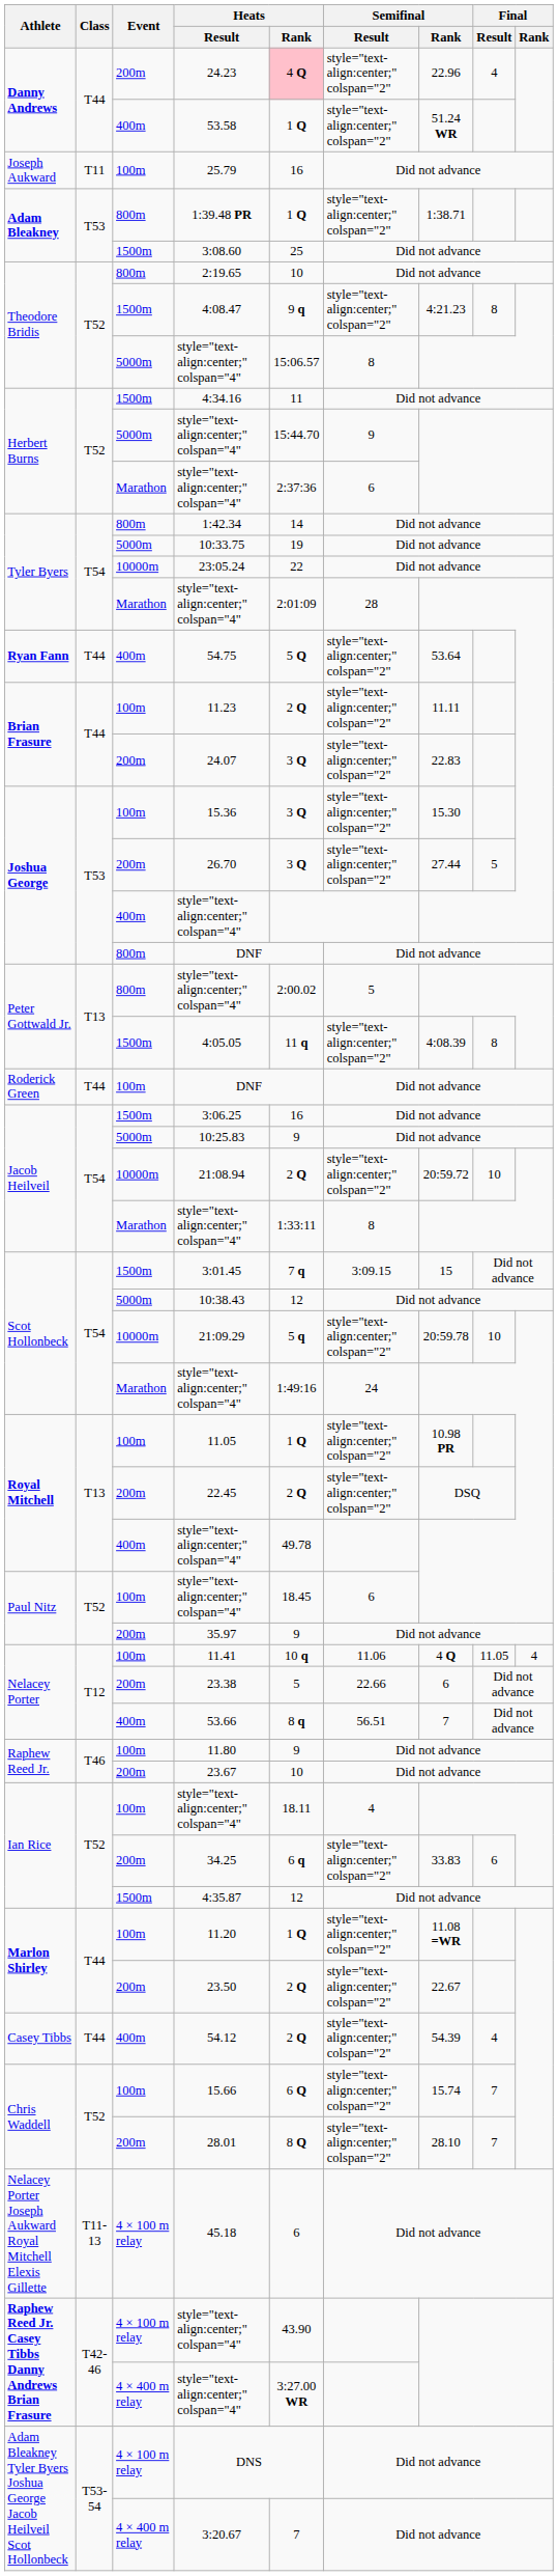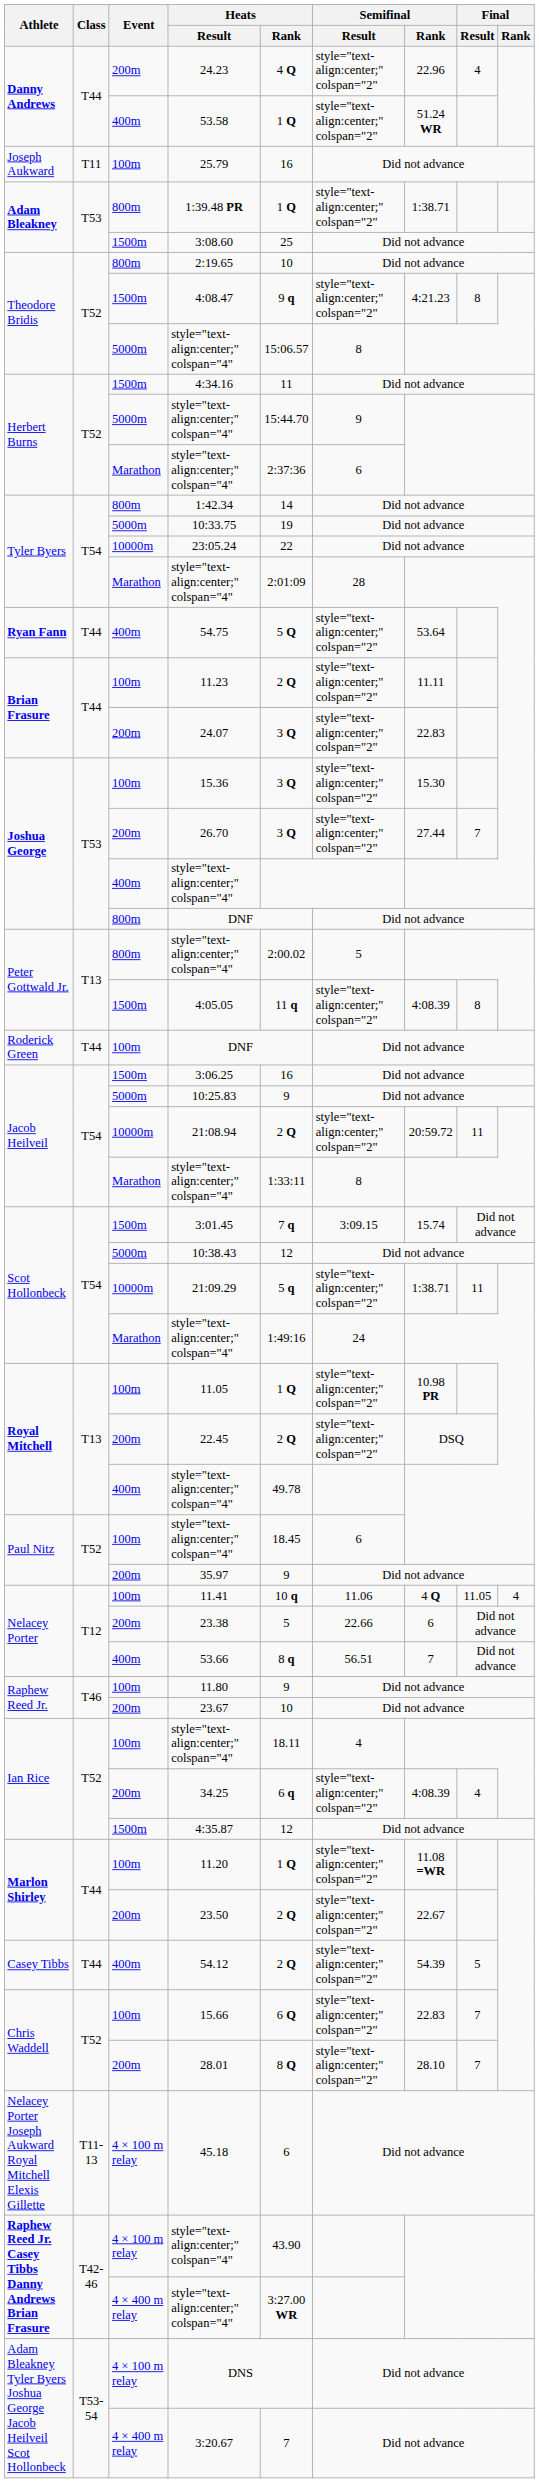 <table class=wikitable style="font-size:90%">
 <tr>
 <th rowspan="2">Athlete</th>
 <th rowspan="2">Class</th>
 <th rowspan="2">Event</th>
 <th colspan="2">Heats</th>
 <th colspan="2">Semifinal</th>
 <th colspan="2">Final</th>
 </tr>
 <tr>
 <th>Result</th>
 <th>Rank</th>
 <th>Result</th>
 <th>Rank</th>
 <th>Result</th>
 <th>Rank</th>
 </tr>
 <tr>
 <td rowspan="2"><strong><a href='#'>Danny Andrews</a></strong></td>
 <td rowspan="2" style="text-align:center;">T44</td>
 <td><a href='#'>200m</a></td>
 <td style="text-align:center;">24.23</td>
-<td style="background: pink; text-align:center;">4 <strong>Q</strong></td>
+<td style="text-align:center;">4 <strong>Q</strong></td>
 <td>style="text-align:center;" colspan="2" </td>
 <td style="text-align:center;">22.96</td>
 <td style="text-align:center;">4</td>
 </tr>
 <tr>
 <td><a href='#'>400m</a></td>
 <td style="text-align:center;">53.58</td>
 <td style="text-align:center;">1 <strong>Q</strong></td>
 <td>style="text-align:center;" colspan="2" </td>
 <td style="text-align:center;">51.24 <strong>WR</strong></td>
 <td style="text-align:center;"></td>
 </tr>
 <tr>
 <td><a href='#'>Joseph Aukward</a></td>
 <td style="text-align:center;">T11</td>
 <td><a href='#'>100m</a></td>
 <td style="text-align:center;">25.79</td>
 <td style="text-align:center;">16</td>
 <td style="text-align:center;" colspan="4">Did not advance</td>
 </tr>
 <tr>
 <td rowspan="2"><strong><a href='#'>Adam Bleakney</a></strong></td>
 <td rowspan="2" style="text-align:center;">T53</td>
 <td><a href='#'>800m</a></td>
 <td style="text-align:center;">1:39.48 <strong>PR</strong></td>
 <td style="text-align:center;">1 <strong>Q</strong></td>
 <td>style="text-align:center;" colspan="2" </td>
 <td style="text-align:center;">1:38.71</td>
 <td style="text-align:center;"></td>
 </tr>
 <tr>
 <td><a href='#'>1500m</a></td>
 <td style="text-align:center;">3:08.60</td>
 <td style="text-align:center;">25</td>
 <td style="text-align:center;" colspan="4">Did not advance</td>
 </tr>
 <tr>
 <td rowspan="3"><a href='#'>Theodore Bridis</a></td>
 <td rowspan="3" style="text-align:center;">T52</td>
 <td><a href='#'>800m</a></td>
 <td style="text-align:center;">2:19.65</td>
 <td style="text-align:center;">10</td>
 <td style="text-align:center;" colspan="4">Did not advance</td>
 </tr>
 <tr>
 <td><a href='#'>1500m</a></td>
 <td style="text-align:center;">4:08.47</td>
 <td style="text-align:center;">9 <strong>q</strong></td>
 <td>style="text-align:center;" colspan="2" </td>
 <td style="text-align:center;">4:21.23</td>
 <td style="text-align:center;">8</td>
 </tr>
 <tr>
 <td><a href='#'>5000m</a></td>
 <td>style="text-align:center;" colspan="4" </td>
 <td style="text-align:center;">15:06.57</td>
 <td style="text-align:center;">8</td>
 </tr>
 <tr>
 <td rowspan="3"><a href='#'>Herbert Burns</a></td>
 <td rowspan="3" style="text-align:center;">T52</td>
 <td><a href='#'>1500m</a></td>
 <td style="text-align:center;">4:34.16</td>
 <td style="text-align:center;">11</td>
 <td style="text-align:center;" colspan="4">Did not advance</td>
 </tr>
 <tr>
 <td><a href='#'>5000m</a></td>
 <td>style="text-align:center;" colspan="4" </td>
 <td style="text-align:center;">15:44.70</td>
 <td style="text-align:center;">9</td>
 </tr>
 <tr>
 <td><a href='#'>Marathon</a></td>
 <td>style="text-align:center;" colspan="4" </td>
 <td style="text-align:center;">2:37:36</td>
 <td style="text-align:center;">6</td>
 </tr>
 <tr>
 <td rowspan="4"><a href='#'>Tyler Byers</a></td>
 <td rowspan="4" style="text-align:center;">T54</td>
 <td><a href='#'>800m</a></td>
 <td style="text-align:center;">1:42.34</td>
 <td style="text-align:center;">14</td>
 <td style="text-align:center;" colspan="4">Did not advance</td>
 </tr>
 <tr>
 <td><a href='#'>5000m</a></td>
 <td style="text-align:center;">10:33.75</td>
 <td style="text-align:center;">19</td>
 <td style="text-align:center;" colspan="4">Did not advance</td>
 </tr>
 <tr>
 <td><a href='#'>10000m</a></td>
 <td style="text-align:center;">23:05.24</td>
 <td style="text-align:center;">22</td>
 <td style="text-align:center;" colspan="4">Did not advance</td>
 </tr>
 <tr>
 <td><a href='#'>Marathon</a></td>
 <td>style="text-align:center;" colspan="4" </td>
 <td style="text-align:center;">2:01:09</td>
 <td style="text-align:center;">28</td>
 </tr>
 <tr>
 <td><strong><a href='#'>Ryan Fann</a></strong></td>
 <td style="text-align:center;">T44</td>
 <td><a href='#'>400m</a></td>
 <td style="text-align:center;">54.75</td>
 <td style="text-align:center;">5 <strong>Q</strong></td>
 <td>style="text-align:center;" colspan="2" </td>
 <td style="text-align:center;">53.64</td>
 <td style="text-align:center;"></td>
 </tr>
 <tr>
 <td rowspan="2"><strong><a href='#'>Brian Frasure</a></strong></td>
 <td rowspan="2" style="text-align:center;">T44</td>
 <td><a href='#'>100m</a></td>
 <td style="text-align:center;">11.23</td>
 <td style="text-align:center;">2 <strong>Q</strong></td>
 <td>style="text-align:center;" colspan="2" </td>
 <td style="text-align:center;">11.11</td>
 <td style="text-align:center;"></td>
 </tr>
 <tr>
 <td><a href='#'>200m</a></td>
 <td style="text-align:center;">24.07</td>
 <td style="text-align:center;">3 <strong>Q</strong></td>
 <td>style="text-align:center;" colspan="2" </td>
 <td style="text-align:center;">22.83</td>
 <td style="text-align:center;"></td>
 </tr>
 <tr>
 <td rowspan="4"><strong><a href='#'>Joshua George</a></strong></td>
 <td rowspan="4" style="text-align:center;">T53</td>
 <td><a href='#'>100m</a></td>
 <td style="text-align:center;">15.36</td>
 <td style="text-align:center;">3 <strong>Q</strong></td>
 <td>style="text-align:center;" colspan="2" </td>
 <td style="text-align:center;">15.30</td>
 <td style="text-align:center;"></td>
 </tr>
 <tr>
 <td><a href='#'>200m</a></td>
 <td style="text-align:center;">26.70</td>
 <td style="text-align:center;">3 <strong>Q</strong></td>
 <td>style="text-align:center;" colspan="2" </td>
 <td style="text-align:center;">27.44</td>
-<td style="text-align:center;">5</td>
+<td style="text-align:center;">7</td>
 </tr>
 <tr>
 <td><a href='#'>400m</a></td>
 <td>style="text-align:center;" colspan="4" </td>
 <td style="text-align:center;" colspan="2"></td>
 </tr>
 <tr>
 <td><a href='#'>800m</a></td>
 <td style="text-align:center;" colspan="2">DNF</td>
 <td style="text-align:center;" colspan="4">Did not advance</td>
 </tr>
 <tr>
 <td rowspan="2"><a href='#'>Peter Gottwald Jr.</a></td>
 <td rowspan="2" style="text-align:center;">T13</td>
 <td><a href='#'>800m</a></td>
 <td>style="text-align:center;" colspan="4" </td>
 <td style="text-align:center;">2:00.02</td>
 <td style="text-align:center;">5</td>
 </tr>
 <tr>
 <td><a href='#'>1500m</a></td>
 <td style="text-align:center;">4:05.05</td>
 <td style="text-align:center;">11 <strong>q</strong></td>
 <td>style="text-align:center;" colspan="2" </td>
 <td style="text-align:center;">4:08.39</td>
 <td style="text-align:center;">8</td>
 </tr>
 <tr>
 <td><a href='#'>Roderick Green</a></td>
 <td style="text-align:center;">T44</td>
 <td><a href='#'>100m</a></td>
 <td style="text-align:center;" colspan="2">DNF</td>
 <td style="text-align:center;" colspan="4">Did not advance</td>
 </tr>
 <tr>
 <td rowspan="4"><a href='#'>Jacob Heilveil</a></td>
 <td rowspan="4" style="text-align:center;">T54</td>
 <td><a href='#'>1500m</a></td>
 <td style="text-align:center;">3:06.25</td>
 <td style="text-align:center;">16</td>
 <td style="text-align:center;" colspan="4">Did not advance</td>
 </tr>
 <tr>
 <td><a href='#'>5000m</a></td>
 <td style="text-align:center;">10:25.83</td>
 <td style="text-align:center;">9</td>
 <td style="text-align:center;" colspan="4">Did not advance</td>
 </tr>
 <tr>
 <td><a href='#'>10000m</a></td>
 <td style="text-align:center;">21:08.94</td>
 <td style="text-align:center;">2 <strong>Q</strong></td>
 <td>style="text-align:center;" colspan="2" </td>
 <td style="text-align:center;">20:59.72</td>
-<td style="text-align:center;">10</td>
+<td style="text-align:center;">11</td>
 </tr>
 <tr>
 <td><a href='#'>Marathon</a></td>
 <td>style="text-align:center;" colspan="4" </td>
 <td style="text-align:center;">1:33:11</td>
 <td style="text-align:center;">8</td>
 </tr>
 <tr>
 <td rowspan="4"><a href='#'>Scot Hollonbeck</a></td>
 <td rowspan="4" style="text-align:center;">T54</td>
 <td><a href='#'>1500m</a></td>
 <td style="text-align:center;">3:01.45</td>
 <td style="text-align:center;">7 <strong>q</strong></td>
 <td style="text-align:center;">3:09.15</td>
-<td style="text-align:center;">15</td>
+<td style="text-align:center;">15.74</td>
 <td style="text-align:center;" colspan="2">Did not advance</td>
 </tr>
 <tr>
 <td><a href='#'>5000m</a></td>
 <td style="text-align:center;">10:38.43</td>
 <td style="text-align:center;">12</td>
 <td style="text-align:center;" colspan="4">Did not advance</td>
 </tr>
 <tr>
 <td><a href='#'>10000m</a></td>
 <td style="text-align:center;">21:09.29</td>
 <td style="text-align:center;">5 <strong>q</strong></td>
 <td>style="text-align:center;" colspan="2" </td>
-<td style="text-align:center;">20:59.78</td>
-<td style="text-align:center;">10</td>
+<td style="text-align:center;">1:38.71</td>
+<td style="text-align:center;">11</td>
 </tr>
 <tr>
 <td><a href='#'>Marathon</a></td>
 <td>style="text-align:center;" colspan="4" </td>
 <td style="text-align:center;">1:49:16</td>
 <td style="text-align:center;">24</td>
 </tr>
 <tr>
 <td rowspan="3"><strong><a href='#'>Royal Mitchell</a></strong></td>
 <td rowspan="3" style="text-align:center;">T13</td>
 <td><a href='#'>100m</a></td>
 <td style="text-align:center;">11.05</td>
 <td style="text-align:center;">1 <strong>Q</strong></td>
 <td>style="text-align:center;" colspan="2" </td>
 <td style="text-align:center;">10.98 <strong>PR</strong></td>
 <td style="text-align:center;"></td>
 </tr>
 <tr>
 <td><a href='#'>200m</a></td>
 <td style="text-align:center;">22.45</td>
 <td style="text-align:center;">2 <strong>Q</strong></td>
 <td>style="text-align:center;" colspan="2" </td>
 <td style="text-align:center;" colspan="2">DSQ</td>
 </tr>
 <tr>
 <td><a href='#'>400m</a></td>
 <td>style="text-align:center;" colspan="4" </td>
 <td style="text-align:center;">49.78</td>
 <td style="text-align:center;"></td>
 </tr>
 <tr>
 <td rowspan="2"><a href='#'>Paul Nitz</a></td>
 <td rowspan="2" style="text-align:center;">T52</td>
 <td><a href='#'>100m</a></td>
 <td>style="text-align:center;" colspan="4" </td>
 <td style="text-align:center;">18.45</td>
 <td style="text-align:center;">6</td>
 </tr>
 <tr>
 <td><a href='#'>200m</a></td>
 <td style="text-align:center;">35.97</td>
 <td style="text-align:center;">9</td>
 <td style="text-align:center;" colspan="4">Did not advance</td>
 </tr>
 <tr>
 <td rowspan="3"><a href='#'>Nelacey Porter</a></td>
 <td rowspan="3" style="text-align:center;">T12</td>
 <td><a href='#'>100m</a></td>
 <td style="text-align:center;">11.41</td>
 <td style="text-align:center;">10 <strong>q</strong></td>
 <td style="text-align:center;">11.06</td>
 <td style="text-align:center;">4 <strong>Q</strong></td>
 <td style="text-align:center;">11.05</td>
 <td style="text-align:center;">4</td>
 </tr>
 <tr>
 <td><a href='#'>200m</a></td>
 <td style="text-align:center;">23.38</td>
 <td style="text-align:center;">5</td>
 <td style="text-align:center;">22.66</td>
 <td style="text-align:center;">6</td>
 <td style="text-align:center;" colspan="2">Did not advance</td>
 </tr>
 <tr>
 <td><a href='#'>400m</a></td>
 <td style="text-align:center;">53.66</td>
 <td style="text-align:center;">8 <strong>q</strong></td>
 <td style="text-align:center;">56.51</td>
 <td style="text-align:center;">7</td>
 <td style="text-align:center;" colspan="2">Did not advance</td>
 </tr>
 <tr>
 <td rowspan="2"><a href='#'>Raphew Reed Jr.</a></td>
 <td rowspan="2" style="text-align:center;">T46</td>
 <td><a href='#'>100m</a></td>
 <td style="text-align:center;">11.80</td>
 <td style="text-align:center;">9</td>
 <td style="text-align:center;" colspan="4">Did not advance</td>
 </tr>
 <tr>
 <td><a href='#'>200m</a></td>
 <td style="text-align:center;">23.67</td>
 <td style="text-align:center;">10</td>
 <td style="text-align:center;" colspan="4">Did not advance</td>
 </tr>
 <tr>
 <td rowspan="3"><a href='#'>Ian Rice</a></td>
 <td rowspan="3" style="text-align:center;">T52</td>
 <td><a href='#'>100m</a></td>
 <td>style="text-align:center;" colspan="4" </td>
 <td style="text-align:center;">18.11</td>
 <td style="text-align:center;">4</td>
 </tr>
 <tr>
 <td><a href='#'>200m</a></td>
 <td style="text-align:center;">34.25</td>
 <td style="text-align:center;">6 <strong>q</strong></td>
 <td>style="text-align:center;" colspan="2" </td>
-<td style="text-align:center;">33.83</td>
-<td style="text-align:center;">6</td>
+<td style="text-align:center;">4:08.39</td>
+<td style="text-align:center;">4</td>
 </tr>
 <tr>
 <td><a href='#'>1500m</a></td>
 <td style="text-align:center;">4:35.87</td>
 <td style="text-align:center;">12</td>
 <td style="text-align:center;" colspan="4">Did not advance</td>
 </tr>
 <tr>
 <td rowspan="2"><strong><a href='#'>Marlon Shirley</a></strong></td>
 <td rowspan="2" style="text-align:center;">T44</td>
 <td><a href='#'>100m</a></td>
 <td style="text-align:center;">11.20</td>
 <td style="text-align:center;">1 <strong>Q</strong></td>
 <td>style="text-align:center;" colspan="2" </td>
 <td style="text-align:center;">11.08 <strong>=WR</strong></td>
 <td style="text-align:center;"></td>
 </tr>
 <tr>
 <td><a href='#'>200m</a></td>
 <td style="text-align:center;">23.50</td>
 <td style="text-align:center;">2 <strong>Q</strong></td>
 <td>style="text-align:center;" colspan="2" </td>
 <td style="text-align:center;">22.67</td>
 <td style="text-align:center;"></td>
 </tr>
 <tr>
 <td><a href='#'>Casey Tibbs</a></td>
 <td style="text-align:center;">T44</td>
 <td><a href='#'>400m</a></td>
 <td style="text-align:center;">54.12</td>
 <td style="text-align:center;">2 <strong>Q</strong></td>
 <td>style="text-align:center;" colspan="2" </td>
 <td style="text-align:center;">54.39</td>
-<td style="text-align:center;">4</td>
+<td style="text-align:center;">5</td>
 </tr>
 <tr>
 <td rowspan="2"><a href='#'>Chris Waddell</a></td>
 <td rowspan="2" style="text-align:center;">T52</td>
 <td><a href='#'>100m</a></td>
 <td style="text-align:center;">15.66</td>
 <td style="text-align:center;">6 <strong>Q</strong></td>
 <td>style="text-align:center;" colspan="2" </td>
-<td style="text-align:center;">15.74</td>
+<td style="text-align:center;">22.83</td>
 <td style="text-align:center;">7</td>
 </tr>
 <tr>
 <td><a href='#'>200m</a></td>
 <td style="text-align:center;">28.01</td>
 <td style="text-align:center;">8 <strong>Q</strong></td>
 <td>style="text-align:center;" colspan="2" </td>
 <td style="text-align:center;">28.10</td>
 <td style="text-align:center;">7</td>
 </tr>
 <tr>
 <td><a href='#'>Nelacey Porter</a><br> <a href='#'>Joseph Aukward</a><br> <a href='#'>Royal Mitchell</a><br> <a href='#'>Elexis Gillette</a></td>
 <td style="text-align:center;">T11-13</td>
 <td><a href='#'>4 × 100 m relay</a></td>
 <td style="text-align:center;">45.18</td>
 <td style="text-align:center;">6</td>
 <td style="text-align:center;" colspan="4">Did not advance</td>
 </tr>
 <tr>
 <td rowspan="2"><strong><a href='#'>Raphew Reed Jr.</a></strong><br> <strong><a href='#'>Casey Tibbs</a></strong><br> <strong><a href='#'>Danny Andrews</a></strong><br> <strong><a href='#'>Brian Frasure</a></strong></td>
 <td rowspan="2" style="text-align:center;">T42-46</td>
 <td><a href='#'>4 × 100 m relay</a></td>
 <td>style="text-align:center;" colspan="4" </td>
 <td style="text-align:center;">43.90</td>
 <td style="text-align:center;"></td>
 </tr>
 <tr>
 <td><a href='#'>4 × 400 m relay</a></td>
 <td>style="text-align:center;" colspan="4" </td>
 <td style="text-align:center;">3:27.00 <strong>WR</strong></td>
 <td style="text-align:center;"></td>
 </tr>
 <tr>
 <td rowspan="2"><a href='#'>Adam Bleakney</a><br> <a href='#'>Tyler Byers</a><br> <a href='#'>Joshua George</a><br> <a href='#'>Jacob Heilveil</a><br> <a href='#'>Scot Hollonbeck</a></td>
 <td rowspan="2" style="text-align:center;">T53-54</td>
 <td><a href='#'>4 × 100 m relay</a></td>
 <td style="text-align:center;" colspan="2">DNS</td>
 <td style="text-align:center;" colspan="4">Did not advance</td>
 </tr>
 <tr>
 <td><a href='#'>4 × 400 m relay</a></td>
 <td style="text-align:center;">3:20.67</td>
 <td style="text-align:center;">7</td>
 <td style="text-align:center;" colspan="4">Did not advance</td>
 </tr>
 </table>
